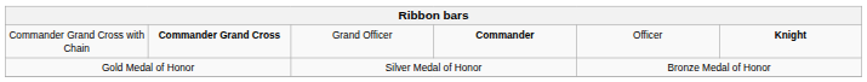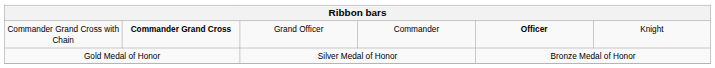 <table align=left class=wikitable width=72%>
 <tr>
 <th colspan=6><strong>Ribbon bars</strong></th>
 </tr>
 <tr>
 <td width=12% valign=top align=center><small>Commander Grand Cross with Chain</small></td>
 <td width=12% valign=top align=center><strong><small>Commander Grand Cross</small></strong></td>
 <td width=12% valign=top align=center><small>Grand Officer</small></td>
-<td width=12% valign=top align=center><strong><small>Commander</small></strong></td>
-<td width=12% valign=top align=center><small>Officer</small></td>
-<td width=12% valign=top align=center><strong><small>Knight</small></strong></td>
+<td width=12% valign=top align=center><small>Commander</small></td>
+<td width=12% valign=top align=center><strong><small>Officer</small></strong></td>
+<td width=12% valign=top align=center><small>Knight</small></td>
 </tr>
 <tr>
 <td ! colspan=2 width=24% valign=top align=center><small>Gold Medal of Honor</small></td>
 <td ! colspan=2 width=24% valign=top align=center><small>Silver Medal of Honor</small></td>
 <td ! colspan=2 width=24% valign=top align=center><small>Bronze Medal of Honor</small></td>
 </tr>
 <tr>
 </tr>
 </table>
